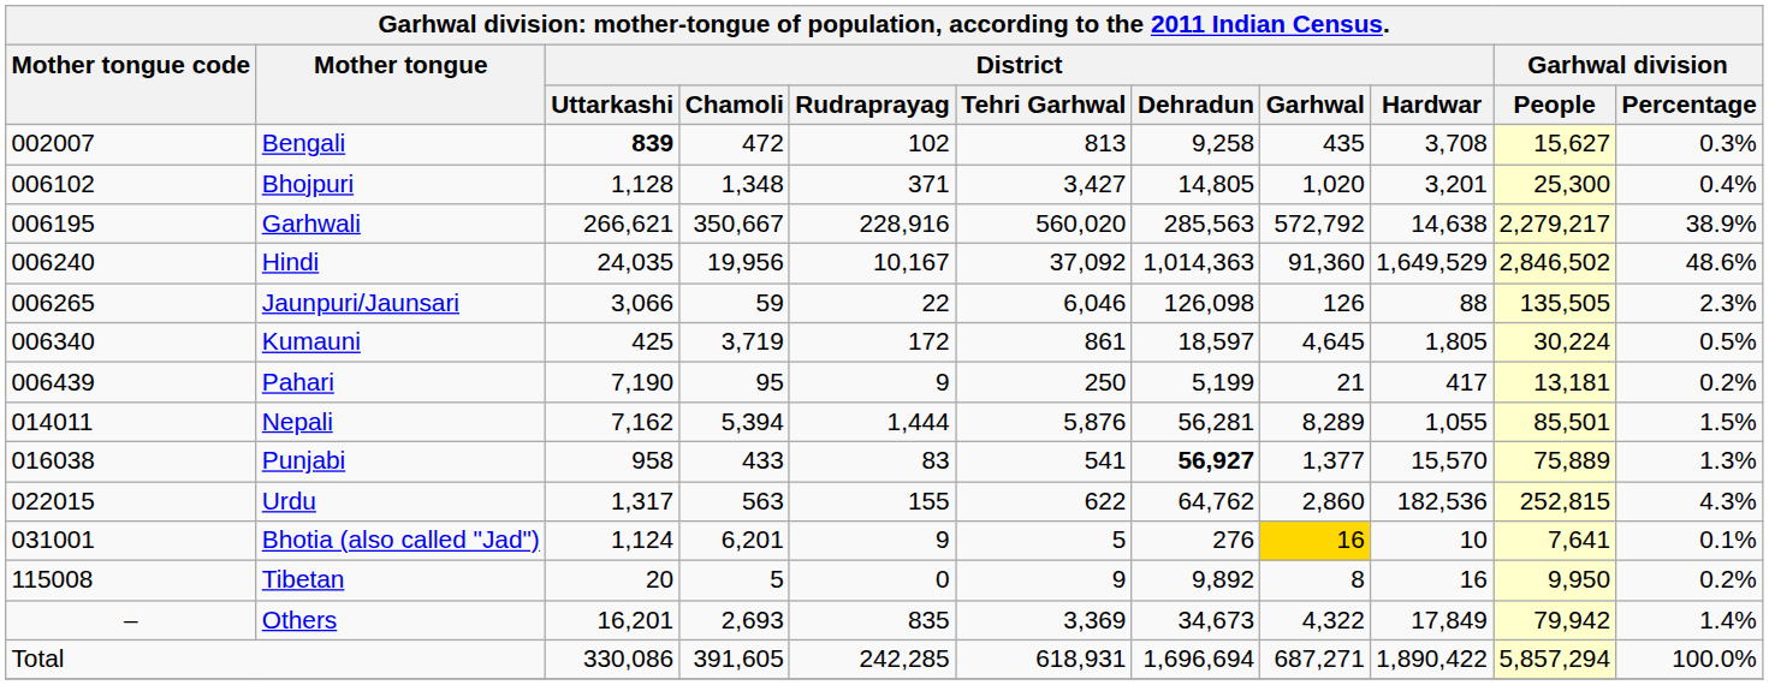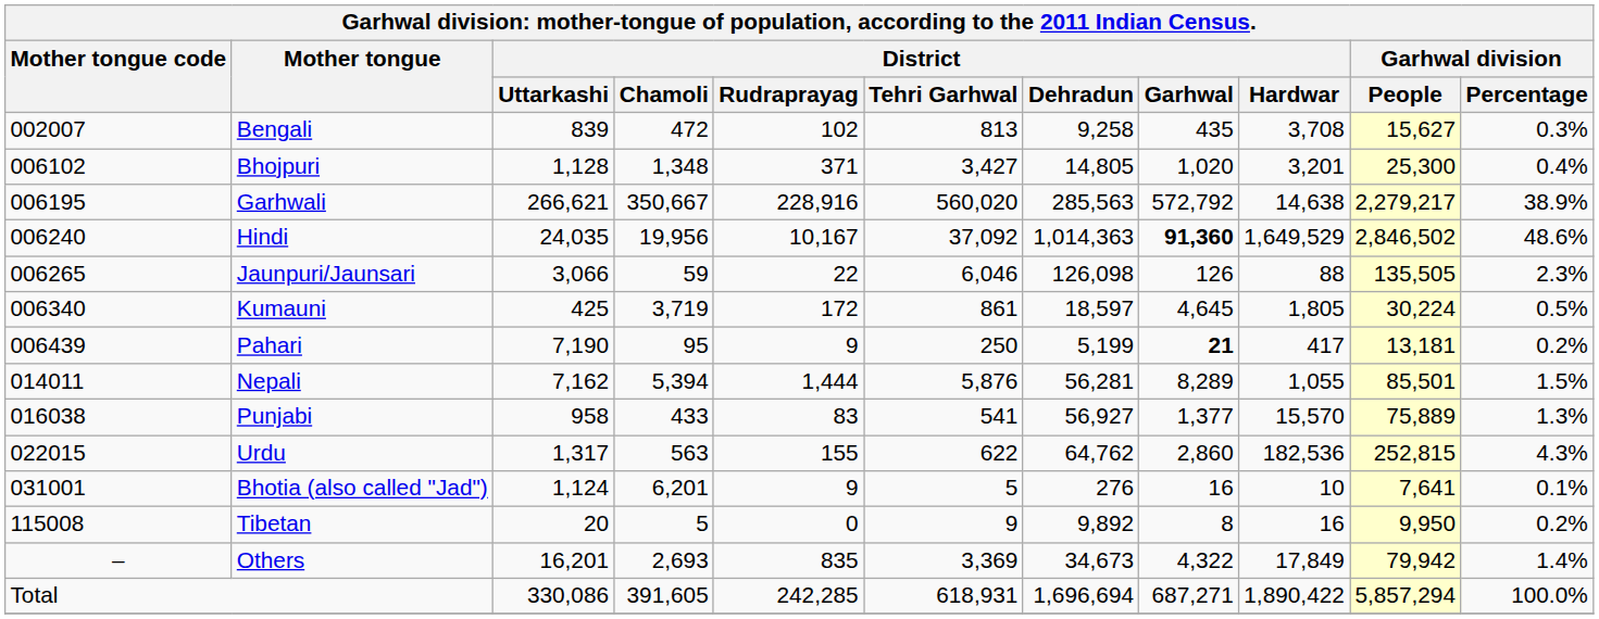 <table class="wikitable sortable mw-collapsible ">
 <tr valign=top>
 <th colspan=11>Garhwal division: mother-tongue of population, according to the <a href='#'>2011 Indian Census</a>.</th>
 </tr>
 <tr valign=top>
 <th rowspan=2>Mother tongue code</th>
 <th rowspan=2>Mother tongue</th>
 <th colspan=7>District</th>
 <th colspan=2>Garhwal division</th>
 </tr>
 <tr valign=top>
 <th>Uttarkashi</th>
 <th>Chamoli</th>
 <th>Rudraprayag</th>
 <th>Tehri Garhwal</th>
 <th>Dehradun</th>
 <th>Garhwal</th>
 <th>Hardwar</th>
 <th>People</th>
 <th>Percentage</th>
 </tr>
 <tr valign=top>
 <td>002007</td>
 <td><a href='#'>Bengali</a></td>
-<td align=right><strong>839</strong></td>
+<td align=right>839</td>
 <td align=right>472</td>
 <td align=right>102</td>
 <td align=right>813</td>
 <td align=right>9,258</td>
 <td align=right>435</td>
 <td align=right>3,708</td>
 <td align=right style="background: #ffffcc">15,627</td>
 <td align=right>0.3%</td>
 </tr>
 <tr valign=top>
 <td>006102</td>
 <td><a href='#'>Bhojpuri</a></td>
 <td align=right>1,128</td>
 <td align=right>1,348</td>
 <td align=right>371</td>
 <td align=right>3,427</td>
 <td align=right>14,805</td>
 <td align=right>1,020</td>
 <td align=right>3,201</td>
 <td align=right style="background: #ffffcc">25,300</td>
 <td align=right>0.4%</td>
 </tr>
 <tr valign=top>
 <td>006195</td>
 <td><a href='#'>Garhwali</a></td>
 <td align=right>266,621</td>
 <td align=right>350,667</td>
 <td align=right>228,916</td>
 <td align=right>560,020</td>
 <td align=right>285,563</td>
 <td align=right>572,792</td>
 <td align=right>14,638</td>
 <td align=right style="background: #ffffcc">2,279,217</td>
 <td align=right>38.9%</td>
 </tr>
 <tr valign=top>
 <td>006240</td>
 <td><a href='#'>Hindi</a></td>
 <td align=right>24,035</td>
 <td align=right>19,956</td>
 <td align=right>10,167</td>
 <td align=right>37,092</td>
 <td align=right>1,014,363</td>
-<td align=right>91,360</td>
+<td align=right><strong>91,360</strong></td>
 <td align=right>1,649,529</td>
 <td align=right style="background: #ffffcc">2,846,502</td>
 <td align=right>48.6%</td>
 </tr>
 <tr valign=top>
 <td>006265</td>
 <td><a href='#'>Jaunpuri/Jaunsari</a></td>
 <td align=right>3,066</td>
 <td align=right>59</td>
 <td align=right>22</td>
 <td align=right>6,046</td>
 <td align=right>126,098</td>
 <td align=right>126</td>
 <td align=right>88</td>
 <td align=right style="background: #ffffcc">135,505</td>
 <td align=right>2.3%</td>
 </tr>
 <tr valign=top>
 <td>006340</td>
 <td><a href='#'>Kumauni</a></td>
 <td align=right>425</td>
 <td align=right>3,719</td>
 <td align=right>172</td>
 <td align=right>861</td>
 <td align=right>18,597</td>
 <td align=right>4,645</td>
 <td align=right>1,805</td>
 <td align=right style="background: #ffffcc">30,224</td>
 <td align=right>0.5%</td>
 </tr>
 <tr valign=top>
 <td>006439</td>
 <td><a href='#'>Pahari</a></td>
 <td align=right>7,190</td>
 <td align=right>95</td>
 <td align=right>9</td>
 <td align=right>250</td>
 <td align=right>5,199</td>
-<td align=right>21</td>
+<td align=right><strong>21</strong></td>
 <td align=right>417</td>
 <td align=right style="background: #ffffcc">13,181</td>
 <td align=right>0.2%</td>
 </tr>
 <tr valign=top>
 <td>014011</td>
 <td><a href='#'>Nepali</a></td>
 <td align=right>7,162</td>
 <td align=right>5,394</td>
 <td align=right>1,444</td>
 <td align=right>5,876</td>
 <td align=right>56,281</td>
 <td align=right>8,289</td>
 <td align=right>1,055</td>
 <td align=right style="background: #ffffcc">85,501</td>
 <td align=right>1.5%</td>
 </tr>
 <tr valign=top>
 <td>016038</td>
 <td><a href='#'>Punjabi</a></td>
 <td align=right>958</td>
 <td align=right>433</td>
 <td align=right>83</td>
 <td align=right>541</td>
-<td align=right><strong>56,927</strong></td>
+<td align=right>56,927</td>
 <td align=right>1,377</td>
 <td align=right>15,570</td>
 <td align=right style="background: #ffffcc">75,889</td>
 <td align=right>1.3%</td>
 </tr>
 <tr valign=top>
 <td>022015</td>
 <td><a href='#'>Urdu</a></td>
 <td align=right>1,317</td>
 <td align=right>563</td>
 <td align=right>155</td>
 <td align=right>622</td>
 <td align=right>64,762</td>
 <td align=right>2,860</td>
 <td align=right>182,536</td>
 <td align=right style="background: #ffffcc">252,815</td>
 <td align=right>4.3%</td>
 </tr>
 <tr valign=top>
 <td>031001</td>
 <td><a href='#'>Bhotia (also called "Jad")</a></td>
 <td align=right>1,124</td>
 <td align=right>6,201</td>
 <td align=right>9</td>
 <td align=right>5</td>
 <td align=right>276</td>
-<td align=right style="background: gold;">16</td>
+<td align=right>16</td>
 <td align=right>10</td>
 <td align=right style="background: #ffffcc">7,641</td>
 <td align=right>0.1%</td>
 </tr>
 <tr valign=top>
 <td>115008</td>
 <td><a href='#'>Tibetan</a></td>
 <td align=right>20</td>
 <td align=right>5</td>
 <td align=right>0</td>
 <td align=right>9</td>
 <td align=right>9,892</td>
 <td align=right>8</td>
 <td align=right>16</td>
 <td align=right style="background: #ffffcc">9,950</td>
 <td align=right>0.2%</td>
 </tr>
 <tr valign=top>
 <td align=center>–</td>
 <td><a href='#'>Others</a></td>
 <td align=right>16,201</td>
 <td align=right>2,693</td>
 <td align=right>835</td>
 <td align=right>3,369</td>
 <td align=right>34,673</td>
 <td align=right>4,322</td>
 <td align=right>17,849</td>
 <td align=right style="background: #ffffcc">79,942</td>
 <td align=right>1.4%</td>
 </tr>
 <tr valign=top class=sortbottom>
 <td colspan=2>Total</td>
 <td align=right>330,086</td>
 <td align=right>391,605</td>
 <td align=right>242,285</td>
 <td align=right>618,931</td>
 <td align=right>1,696,694</td>
 <td align=right>687,271</td>
 <td align=right>1,890,422</td>
 <td align=right style="background: #ffffcc">5,857,294</td>
 <td align=right>100.0%</td>
 </tr>
 <tr>
 </tr>
 </table>
